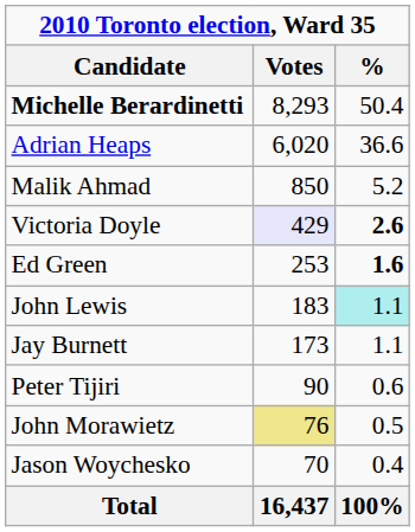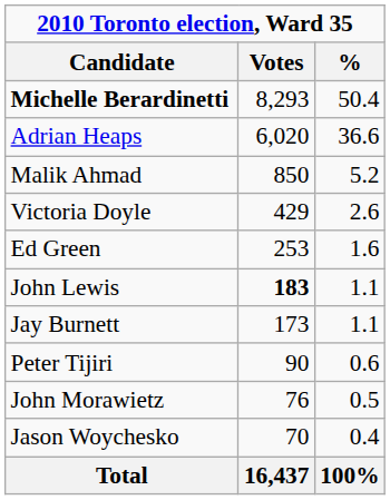 <table class="wikitable">
 <tr>
 <td Colspan="3" align="center"><strong><a href='#'>2010 Toronto election</a>, Ward 35</strong></td>
 </tr>
 <tr>
 <th bgcolor="#DDDDFF" width="150px">Candidate</th>
 <th bgcolor="#DDDDFF">Votes</th>
 <th bgcolor="#DDDDFF">%</th>
 </tr>
 <tr>
 <td><strong>Michelle Berardinetti</strong></td>
 <td align=right>8,293</td>
 <td align=right>50.4</td>
 </tr>
 <tr>
 <td><a href='#'>Adrian Heaps</a></td>
 <td align=right>6,020</td>
 <td align=right>36.6</td>
 </tr>
 <tr>
 <td>Malik Ahmad</td>
 <td align=right>850</td>
 <td align=right>5.2</td>
 </tr>
 <tr>
 <td>Victoria Doyle</td>
-<td align=right style="background: lavender;">429</td>
-<td align=right><strong>2.6</strong></td>
+<td align=right>429</td>
+<td align=right>2.6</td>
 </tr>
 <tr>
 <td>Ed Green</td>
 <td align=right>253</td>
-<td align=right><strong>1.6</strong></td>
+<td align=right>1.6</td>
 </tr>
 <tr>
 <td>John Lewis</td>
-<td align=right>183</td>
-<td align=right style="background: paleturquoise;">1.1</td>
+<td align=right><strong>183</strong></td>
+<td align=right>1.1</td>
 </tr>
 <tr>
 <td>Jay Burnett</td>
 <td align=right>173</td>
 <td align=right>1.1</td>
 </tr>
 <tr>
 <td>Peter Tijiri</td>
 <td align=right>90</td>
 <td align=right>0.6</td>
 </tr>
 <tr>
 <td>John Morawietz</td>
-<td align=right style="background: khaki;">76</td>
+<td align=right>76</td>
 <td align=right>0.5</td>
 </tr>
 <tr>
 <td>Jason Woychesko</td>
 <td align=right>70</td>
 <td align=right>0.4</td>
 </tr>
 <tr>
 <th>Total</th>
 <th align=right>16,437</th>
 <th align=right>100%</th>
 </tr>
 </table>
